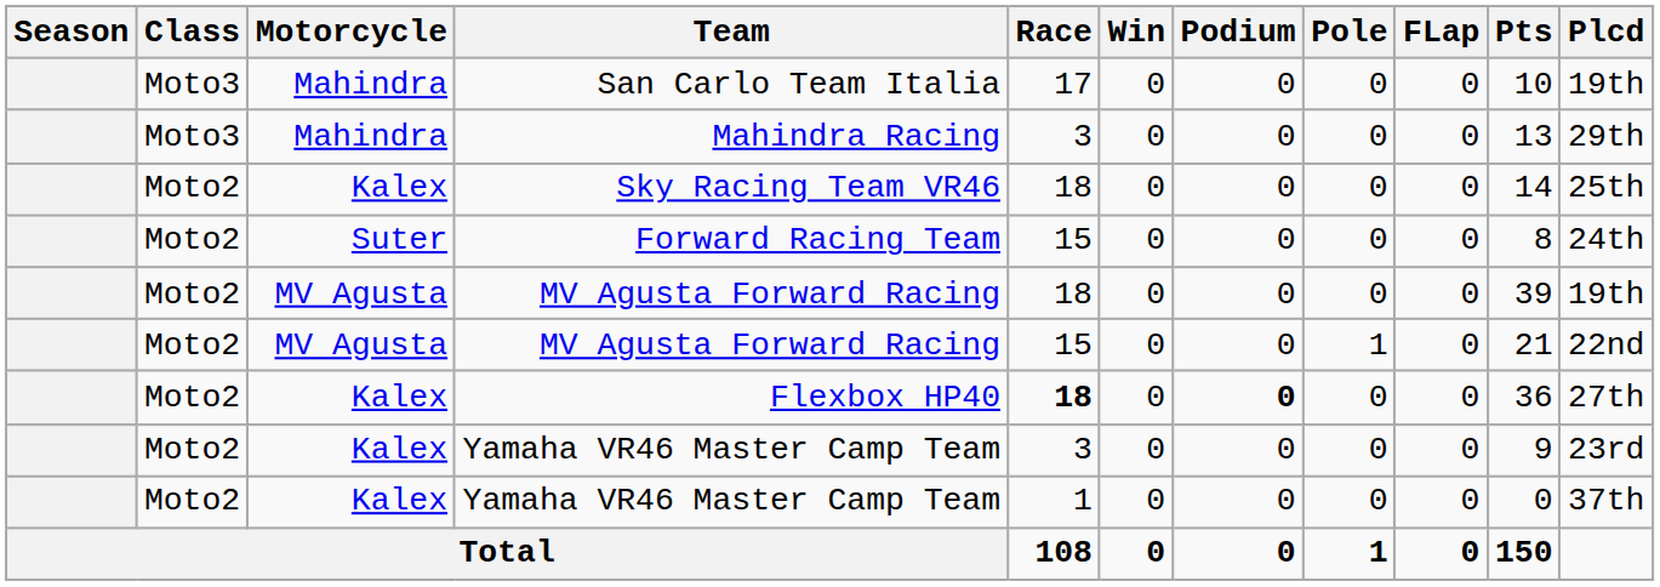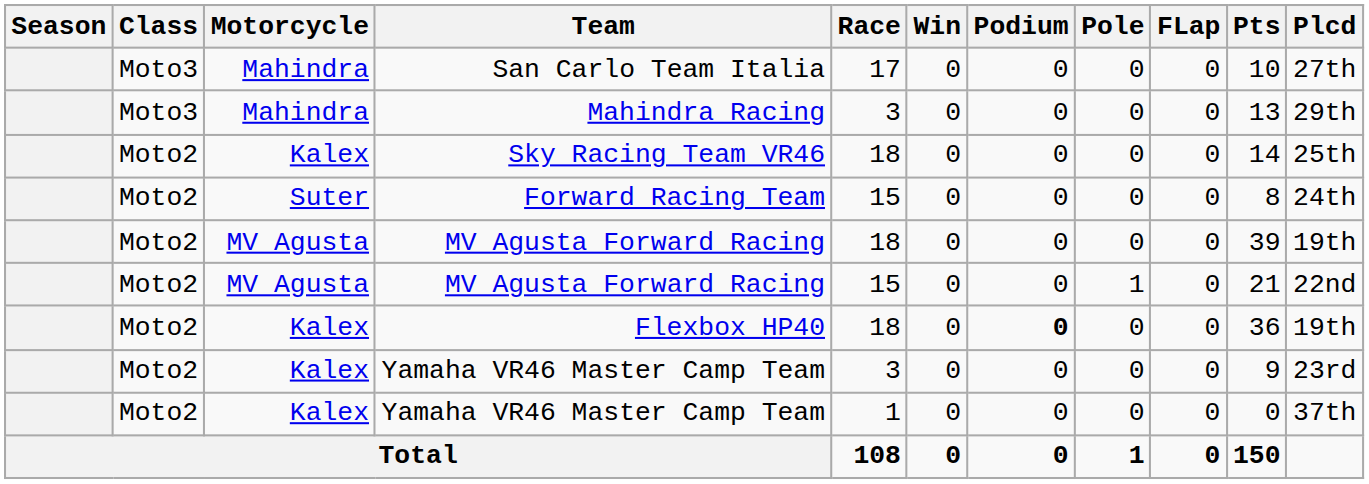 <table class="wikitable" style="text-align:right;">
 <tr>
 <th>Season</th>
 <th>Class</th>
 <th>Motorcycle</th>
 <th>Team</th>
 <th>Race</th>
 <th>Win</th>
 <th>Podium</th>
 <th>Pole</th>
 <th>FLap</th>
 <th>Pts</th>
 <th>Plcd</th>
 </tr>
 <tr>
 <th></th>
 <td>Moto3</td>
 <td><a href='#'>Mahindra</a></td>
 <td>San Carlo Team Italia</td>
 <td>17</td>
 <td>0</td>
 <td>0</td>
 <td>0</td>
 <td>0</td>
 <td>10</td>
-<td>19th</td>
+<td>27th</td>
 </tr>
 <tr>
 <th></th>
 <td>Moto3</td>
 <td><a href='#'>Mahindra</a></td>
 <td><a href='#'>Mahindra Racing</a></td>
 <td>3</td>
 <td>0</td>
 <td>0</td>
 <td>0</td>
 <td>0</td>
 <td>13</td>
 <td>29th</td>
 </tr>
 <tr>
 <th></th>
 <td>Moto2</td>
 <td><a href='#'>Kalex</a></td>
 <td><a href='#'>Sky Racing Team VR46</a></td>
 <td>18</td>
 <td>0</td>
 <td>0</td>
 <td>0</td>
 <td>0</td>
 <td>14</td>
 <td>25th</td>
 </tr>
 <tr>
 <th></th>
 <td>Moto2</td>
 <td><a href='#'>Suter</a></td>
 <td><a href='#'>Forward Racing Team</a></td>
 <td>15</td>
 <td>0</td>
 <td>0</td>
 <td>0</td>
 <td>0</td>
 <td>8</td>
 <td>24th</td>
 </tr>
 <tr>
 <th></th>
 <td>Moto2</td>
 <td><a href='#'>MV Agusta</a></td>
 <td><a href='#'>MV Agusta Forward Racing</a></td>
 <td>18</td>
 <td>0</td>
 <td>0</td>
 <td>0</td>
 <td>0</td>
 <td>39</td>
 <td>19th</td>
 </tr>
 <tr>
 <th></th>
 <td>Moto2</td>
 <td><a href='#'>MV Agusta</a></td>
 <td><a href='#'>MV Agusta Forward Racing</a></td>
 <td>15</td>
 <td>0</td>
 <td>0</td>
 <td>1</td>
 <td>0</td>
 <td>21</td>
 <td>22nd</td>
 </tr>
 <tr>
 <th></th>
 <td>Moto2</td>
 <td><a href='#'>Kalex</a></td>
 <td><a href='#'>Flexbox HP40</a></td>
-<td><strong>18</strong></td>
+<td>18</td>
 <td>0</td>
 <td><strong>0</strong></td>
 <td>0</td>
 <td>0</td>
 <td>36</td>
-<td>27th</td>
+<td>19th</td>
 </tr>
 <tr>
 <th></th>
 <td>Moto2</td>
 <td><a href='#'>Kalex</a></td>
 <td>Yamaha VR46 Master Camp Team</td>
 <td>3</td>
 <td>0</td>
 <td>0</td>
 <td>0</td>
 <td>0</td>
 <td>9</td>
 <td>23rd</td>
 </tr>
 <tr>
 <th></th>
 <td>Moto2</td>
 <td><a href='#'>Kalex</a></td>
 <td>Yamaha VR46 Master Camp Team</td>
 <td>1</td>
 <td>0</td>
 <td>0</td>
 <td>0</td>
 <td>0</td>
 <td>0</td>
 <td>37th</td>
 </tr>
 <tr>
 <th colspan="4">Total</th>
 <td><strong>108</strong></td>
 <td><strong>0</strong></td>
 <td><strong>0</strong></td>
 <td><strong>1</strong></td>
 <td><strong>0</strong></td>
 <td><strong>150</strong></td>
 <td></td>
 </tr>
 </table>
